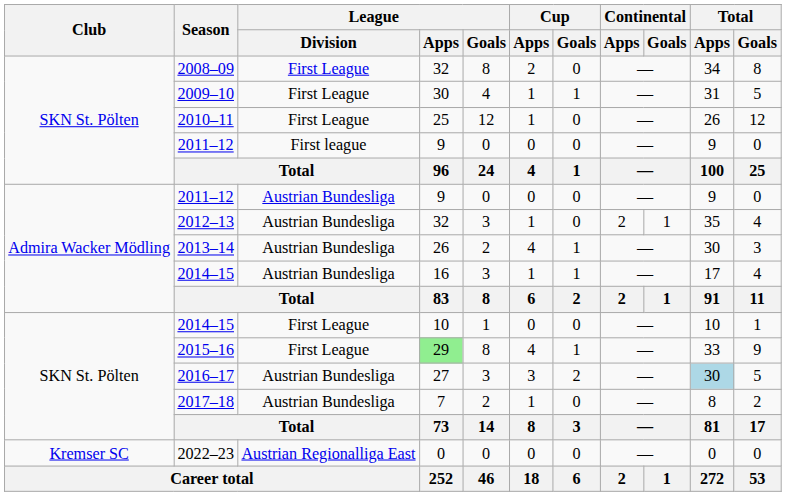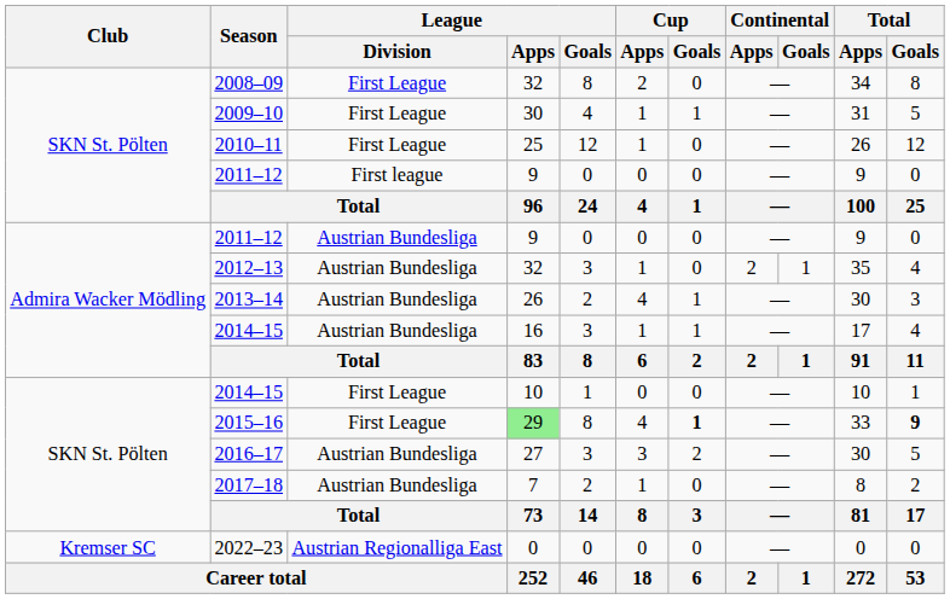 <table class="wikitable" style="text-align:center">
 <tr>
 <th rowspan="2">Club</th>
 <th rowspan="2">Season</th>
 <th colspan="3">League</th>
 <th colspan="2">Cup</th>
 <th colspan="2">Continental</th>
 <th colspan="2">Total</th>
 </tr>
 <tr>
 <th>Division</th>
 <th>Apps</th>
 <th>Goals</th>
 <th>Apps</th>
 <th>Goals</th>
 <th>Apps</th>
 <th>Goals</th>
 <th>Apps</th>
 <th>Goals</th>
 </tr>
 <tr>
 <td rowspan="5"><a href='#'>SKN St. Pölten</a></td>
 <td><a href='#'>2008–09</a></td>
 <td><a href='#'>First League</a></td>
 <td>32</td>
 <td>8</td>
 <td>2</td>
 <td>0</td>
 <td colspan="2">—</td>
 <td>34</td>
 <td>8</td>
 </tr>
 <tr>
 <td><a href='#'>2009–10</a></td>
 <td>First League</td>
 <td>30</td>
 <td>4</td>
 <td>1</td>
 <td>1</td>
 <td colspan="2">—</td>
 <td>31</td>
 <td>5</td>
 </tr>
 <tr>
 <td><a href='#'>2010–11</a></td>
 <td>First League</td>
 <td>25</td>
 <td>12</td>
 <td>1</td>
 <td>0</td>
 <td colspan="2">—</td>
 <td>26</td>
 <td>12</td>
 </tr>
 <tr>
 <td><a href='#'>2011–12</a></td>
 <td>First league</td>
 <td>9</td>
 <td>0</td>
 <td>0</td>
 <td>0</td>
 <td colspan="2">—</td>
 <td>9</td>
 <td>0</td>
 </tr>
 <tr>
 <th colspan="2">Total</th>
 <th>96</th>
 <th>24</th>
 <th>4</th>
 <th>1</th>
 <th colspan="2">—</th>
 <th>100</th>
 <th>25</th>
 </tr>
 <tr>
 <td rowspan="5"><a href='#'>Admira Wacker Mödling</a></td>
 <td><a href='#'>2011–12</a></td>
 <td><a href='#'>Austrian Bundesliga</a></td>
 <td>9</td>
 <td>0</td>
 <td>0</td>
 <td>0</td>
 <td colspan="2">—</td>
 <td>9</td>
 <td>0</td>
 </tr>
 <tr>
 <td><a href='#'>2012–13</a></td>
 <td>Austrian Bundesliga</td>
 <td>32</td>
 <td>3</td>
 <td>1</td>
 <td>0</td>
 <td>2</td>
 <td>1</td>
 <td>35</td>
 <td>4</td>
 </tr>
 <tr>
 <td><a href='#'>2013–14</a></td>
 <td>Austrian Bundesliga</td>
 <td>26</td>
 <td>2</td>
 <td>4</td>
 <td>1</td>
 <td colspan="2">—</td>
 <td>30</td>
 <td>3</td>
 </tr>
 <tr>
 <td><a href='#'>2014–15</a></td>
 <td>Austrian Bundesliga</td>
 <td>16</td>
 <td>3</td>
 <td>1</td>
 <td>1</td>
 <td colspan="2">—</td>
 <td>17</td>
 <td>4</td>
 </tr>
 <tr>
 <th colspan="2">Total</th>
 <th>83</th>
 <th>8</th>
 <th>6</th>
 <th>2</th>
 <th>2</th>
 <th>1</th>
 <th>91</th>
 <th>11</th>
 </tr>
 <tr>
 <td rowspan="5">SKN St. Pölten</td>
 <td><a href='#'>2014–15</a></td>
 <td>First League</td>
 <td>10</td>
 <td>1</td>
 <td>0</td>
 <td>0</td>
 <td colspan="2">—</td>
 <td>10</td>
 <td>1</td>
 </tr>
 <tr>
 <td><a href='#'>2015–16</a></td>
 <td>First League</td>
 <td style="background: lightgreen;">29</td>
 <td>8</td>
 <td>4</td>
-<td>1</td>
+<td><strong>1</strong></td>
 <td colspan="2">—</td>
 <td>33</td>
-<td>9</td>
+<td><strong>9</strong></td>
 </tr>
 <tr>
 <td><a href='#'>2016–17</a></td>
 <td>Austrian Bundesliga</td>
 <td>27</td>
 <td>3</td>
 <td>3</td>
 <td>2</td>
 <td colspan="2">—</td>
-<td style="background: lightblue;">30</td>
+<td>30</td>
 <td>5</td>
 </tr>
 <tr>
 <td><a href='#'>2017–18</a></td>
 <td>Austrian Bundesliga</td>
 <td>7</td>
 <td>2</td>
 <td>1</td>
 <td>0</td>
 <td colspan="2">—</td>
 <td>8</td>
 <td>2</td>
 </tr>
 <tr>
 <th colspan="2">Total</th>
 <th>73</th>
 <th>14</th>
 <th>8</th>
 <th>3</th>
 <th colspan="2">—</th>
 <th>81</th>
 <th>17</th>
 </tr>
 <tr>
 <td><a href='#'>Kremser SC</a></td>
 <td>2022–23</td>
 <td><a href='#'>Austrian Regionalliga East</a></td>
 <td>0</td>
 <td>0</td>
 <td>0</td>
 <td>0</td>
 <td colspan="2">—</td>
 <td>0</td>
 <td>0</td>
 </tr>
 <tr>
 <th colspan="3">Career total</th>
 <th>252</th>
 <th>46</th>
 <th>18</th>
 <th>6</th>
 <th>2</th>
 <th>1</th>
 <th>272</th>
 <th>53</th>
 </tr>
 </table>
